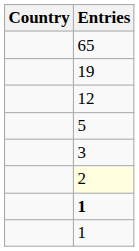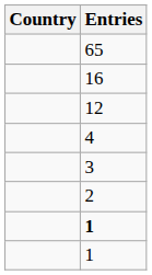 <table class="wikitable sortable">
 <tr>
 <th>Country</th>
 <th>Entries</th>
 </tr>
 <tr>
 <td></td>
 <td>65</td>
 </tr>
 <tr>
 <td></td>
-<td>19</td>
+<td>16</td>
 </tr>
 <tr>
 <td></td>
 <td>12</td>
 </tr>
 <tr>
 <td></td>
-<td>5</td>
+<td>4</td>
 </tr>
 <tr>
 <td></td>
 <td>3</td>
 </tr>
 <tr>
 <td></td>
-<td style="background: lightyellow;">2</td>
+<td>2</td>
 </tr>
 <tr>
 <td></td>
 <td><strong>1</strong></td>
 </tr>
 <tr>
 <td></td>
 <td>1</td>
 </tr>
 </table>
